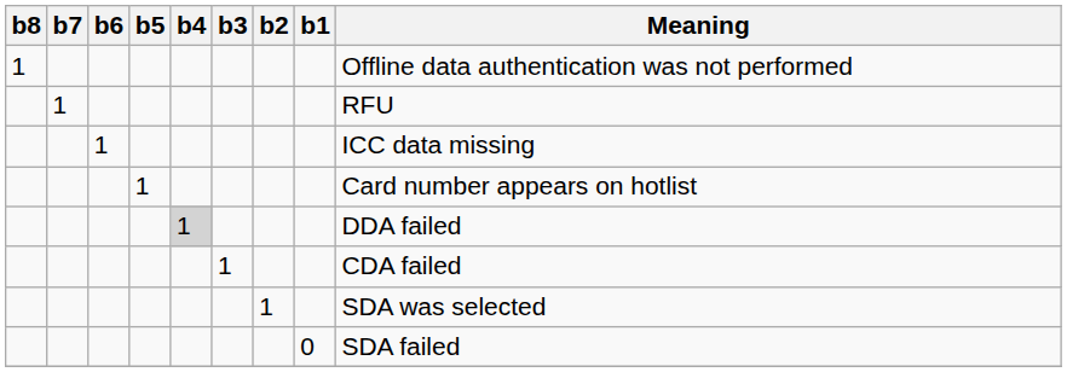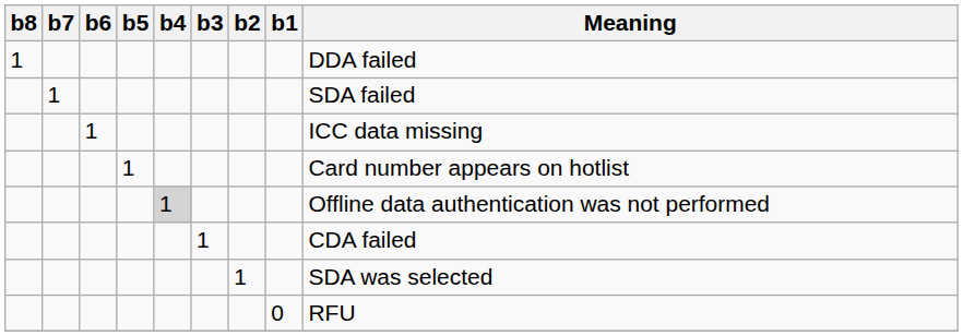 <table class="wikitable">
 <tr>
 <th>b8</th>
 <th>b7</th>
 <th>b6</th>
 <th>b5</th>
 <th>b4</th>
 <th>b3</th>
 <th>b2</th>
 <th>b1</th>
 <th width="450pt">Meaning</th>
 </tr>
 <tr>
 <td>1</td>
 <td></td>
 <td></td>
 <td></td>
 <td></td>
 <td></td>
 <td></td>
 <td></td>
-<td>Offline data authentication was not performed</td>
+<td>DDA failed</td>
 </tr>
 <tr>
 <td></td>
 <td>1</td>
 <td></td>
 <td></td>
 <td></td>
 <td></td>
 <td></td>
 <td></td>
-<td>RFU</td>
+<td>SDA failed</td>
 </tr>
 <tr>
 <td></td>
 <td></td>
 <td>1</td>
 <td></td>
 <td></td>
 <td></td>
 <td></td>
 <td></td>
 <td>ICC data missing</td>
 </tr>
 <tr>
 <td></td>
 <td></td>
 <td></td>
 <td>1</td>
 <td></td>
 <td></td>
 <td></td>
 <td></td>
 <td>Card number appears on hotlist</td>
 </tr>
 <tr>
 <td></td>
 <td></td>
 <td></td>
 <td></td>
 <td style="background: lightgrey;">1</td>
 <td></td>
 <td></td>
 <td></td>
-<td>DDA failed</td>
+<td>Offline data authentication was not performed</td>
 </tr>
 <tr>
 <td></td>
 <td></td>
 <td></td>
 <td></td>
 <td></td>
 <td>1</td>
 <td></td>
 <td></td>
 <td>CDA failed</td>
 </tr>
 <tr>
 <td></td>
 <td></td>
 <td></td>
 <td></td>
 <td></td>
 <td></td>
 <td>1</td>
 <td></td>
 <td>SDA was selected</td>
 </tr>
 <tr>
 <td></td>
 <td></td>
 <td></td>
 <td></td>
 <td></td>
 <td></td>
 <td></td>
 <td>0</td>
-<td>SDA failed</td>
+<td>RFU</td>
 </tr>
 <tr>
 </tr>
 </table>
